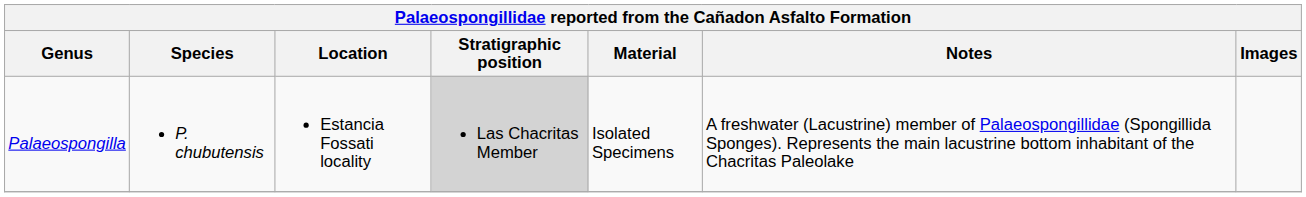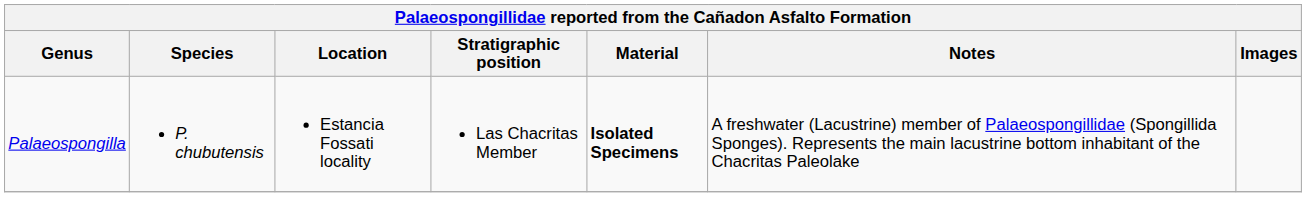 <table class="wikitable sortable">
 <tr>
 <th colspan="7" align="center"><strong><a href='#'>Palaeospongillidae</a> reported from the Cañadon Asfalto Formation</strong></th>
 </tr>
 <tr>
 <th>Genus</th>
 <th>Species</th>
 <th>Location</th>
 <th>Stratigraphic position</th>
 <th>Material</th>
 <th>Notes</th>
 <th>Images</th>
 </tr>
 <tr>
 <td><br><em><a href='#'>Palaeospongilla</a></em></td>
 <td><br><ul><li><em>P. chubutensis</em></li></ul></td>
 <td><br><ul><li>Estancia Fossati locality</li></ul></td>
-<td style="background: lightgrey;"><br><ul><li>Las Chacritas Member</li></ul></td>
-<td><br>Isolated Specimens</td>
+<td><br><ul><li>Las Chacritas Member</li></ul></td>
+<td><strong><br>Isolated Specimens</strong></td>
 <td><br>A freshwater (Lacustrine) member of <a href='#'>Palaeospongillidae</a> (Spongillida Sponges). Represents the main lacustrine bottom inhabitant of the Chacritas Paleolake</td>
 <td><br></td>
 </tr>
 <tr>
 </tr>
 </table>
